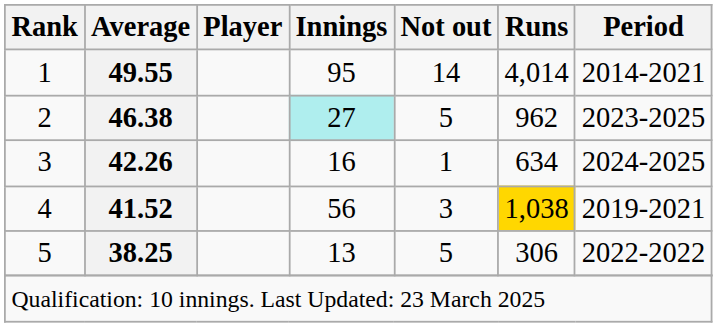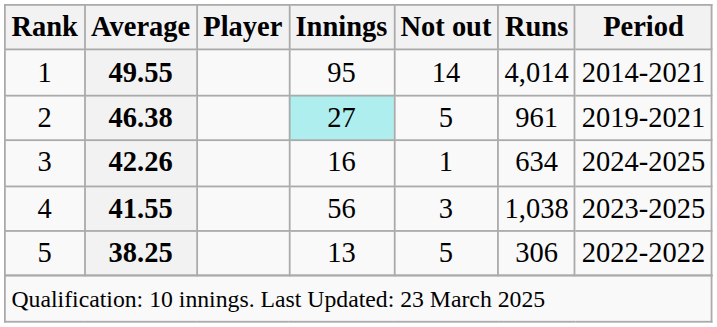 <table class="wikitable">
 <tr>
 <th style="text-align:center;">Rank</th>
 <th style="text-align:center;">Average</th>
 <th style="text-align:center;">Player</th>
 <th style="text-align:center;">Innings</th>
 <th style="text-align:center;">Not out</th>
 <th style="text-align:center;">Runs</th>
 <th style="text-align:center;">Period</th>
 </tr>
 <tr>
 <td align=center>1</td>
 <th scope=row style=text-align:center;>49.55</th>
 <td></td>
 <td align=center>95</td>
 <td align=center>14</td>
 <td align=center>4,014</td>
 <td>2014-2021</td>
 </tr>
 <tr>
 <td align=center>2</td>
 <th scope=row style=text-align:center;>46.38</th>
 <td></td>
 <td align=center style="background: paleturquoise;">27</td>
 <td align=center>5</td>
-<td align=center>962</td>
-<td>2023-2025</td>
+<td align=center>961</td>
+<td>2019-2021</td>
 </tr>
 <tr>
 <td align=center>3</td>
 <th scope=row style=text-align:center;>42.26</th>
 <td></td>
 <td align=center>16</td>
 <td align=center>1</td>
 <td align=center>634</td>
 <td>2024-2025</td>
 </tr>
 <tr>
 <td align=center>4</td>
-<th scope=row style=text-align:center;>41.52</th>
+<th scope=row style=text-align:center;>41.55</th>
 <td></td>
 <td align=center>56</td>
 <td align=center>3</td>
-<td align=center style="background: gold;">1,038</td>
-<td>2019-2021</td>
+<td align=center>1,038</td>
+<td>2023-2025</td>
 </tr>
 <tr>
 <td align=center>5</td>
 <th scope=row style=text-align:center;>38.25</th>
 <td></td>
 <td align=center>13</td>
 <td align=center>5</td>
 <td align=center>306</td>
 <td>2022-2022</td>
 </tr>
 <tr>
 </tr>
 <tr class=sortbottom>
 <td colspan=7><small>Qualification: 10 innings. Last Updated: 23 March 2025</small></td>
 </tr>
 </table>
